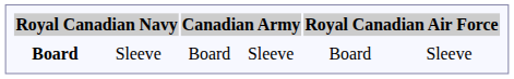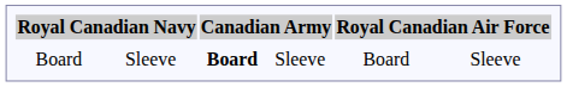 <table style="margin:1em auto; border:1px solid #8888aa; background-color:#f7f8ff; padding:5px; font-size:95%;">
 <tr align="center" style="background-color:#CCCCCC; width: 100%">
 <th colspan="2">Royal Canadian Navy</th>
 <th colspan="2">Canadian Army</th>
 <th colspan="2">Royal Canadian Air Force</th>
 </tr>
 <tr>
 <td></td>
 <td></td>
 <td></td>
 <td></td>
 <td></td>
 <td></td>
 </tr>
 <tr>
+<td align="center">Board</td>
+<td align="center">Sleeve</td>
 <td align="center"><strong>Board</strong></td>
-<td align="center">Sleeve</td>
-<td align="center">Board</td>
 <td align="center">Sleeve</td>
 <td align="center">Board</td>
 <td align="center">Sleeve</td>
 </tr>
 </table>
